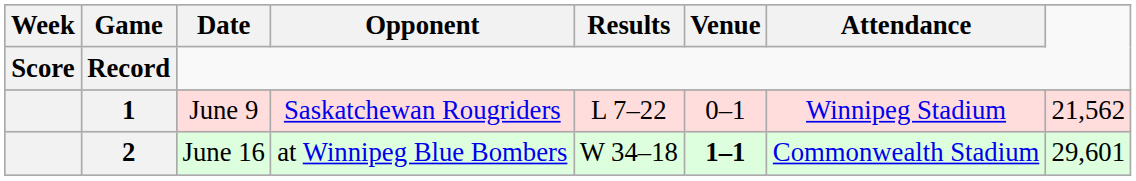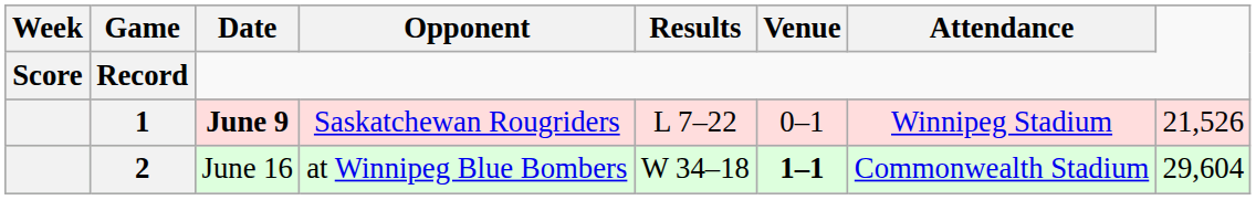 <table class="wikitable" style="text-align:center">
 <tr>
 <th>Week</th>
 <th>Game</th>
 <th>Date</th>
 <th>Opponent</th>
 <th>Results</th>
 <th>Venue</th>
 <th>Attendance</th>
 </tr>
 <tr>
 <th>Score</th>
 <th>Record</th>
 </tr>
 <tr style="background:#ffdddd">
 <th></th>
 <th>1</th>
-<td>June 9</td>
+<td><strong>June 9</strong></td>
 <td><a href='#'>Saskatchewan Rougriders</a></td>
 <td>L 7–22</td>
 <td>0–1</td>
 <td><a href='#'>Winnipeg Stadium</a></td>
-<td>21,562</td>
+<td>21,526</td>
 </tr>
 <tr style="background:#ddffdd">
 <th></th>
 <th>2</th>
 <td>June 16</td>
 <td>at <a href='#'>Winnipeg Blue Bombers</a></td>
 <td>W 34–18</td>
 <td><strong>1–1</strong></td>
 <td><a href='#'>Commonwealth Stadium</a></td>
-<td>29,601</td>
+<td>29,604</td>
 </tr>
 </table>
